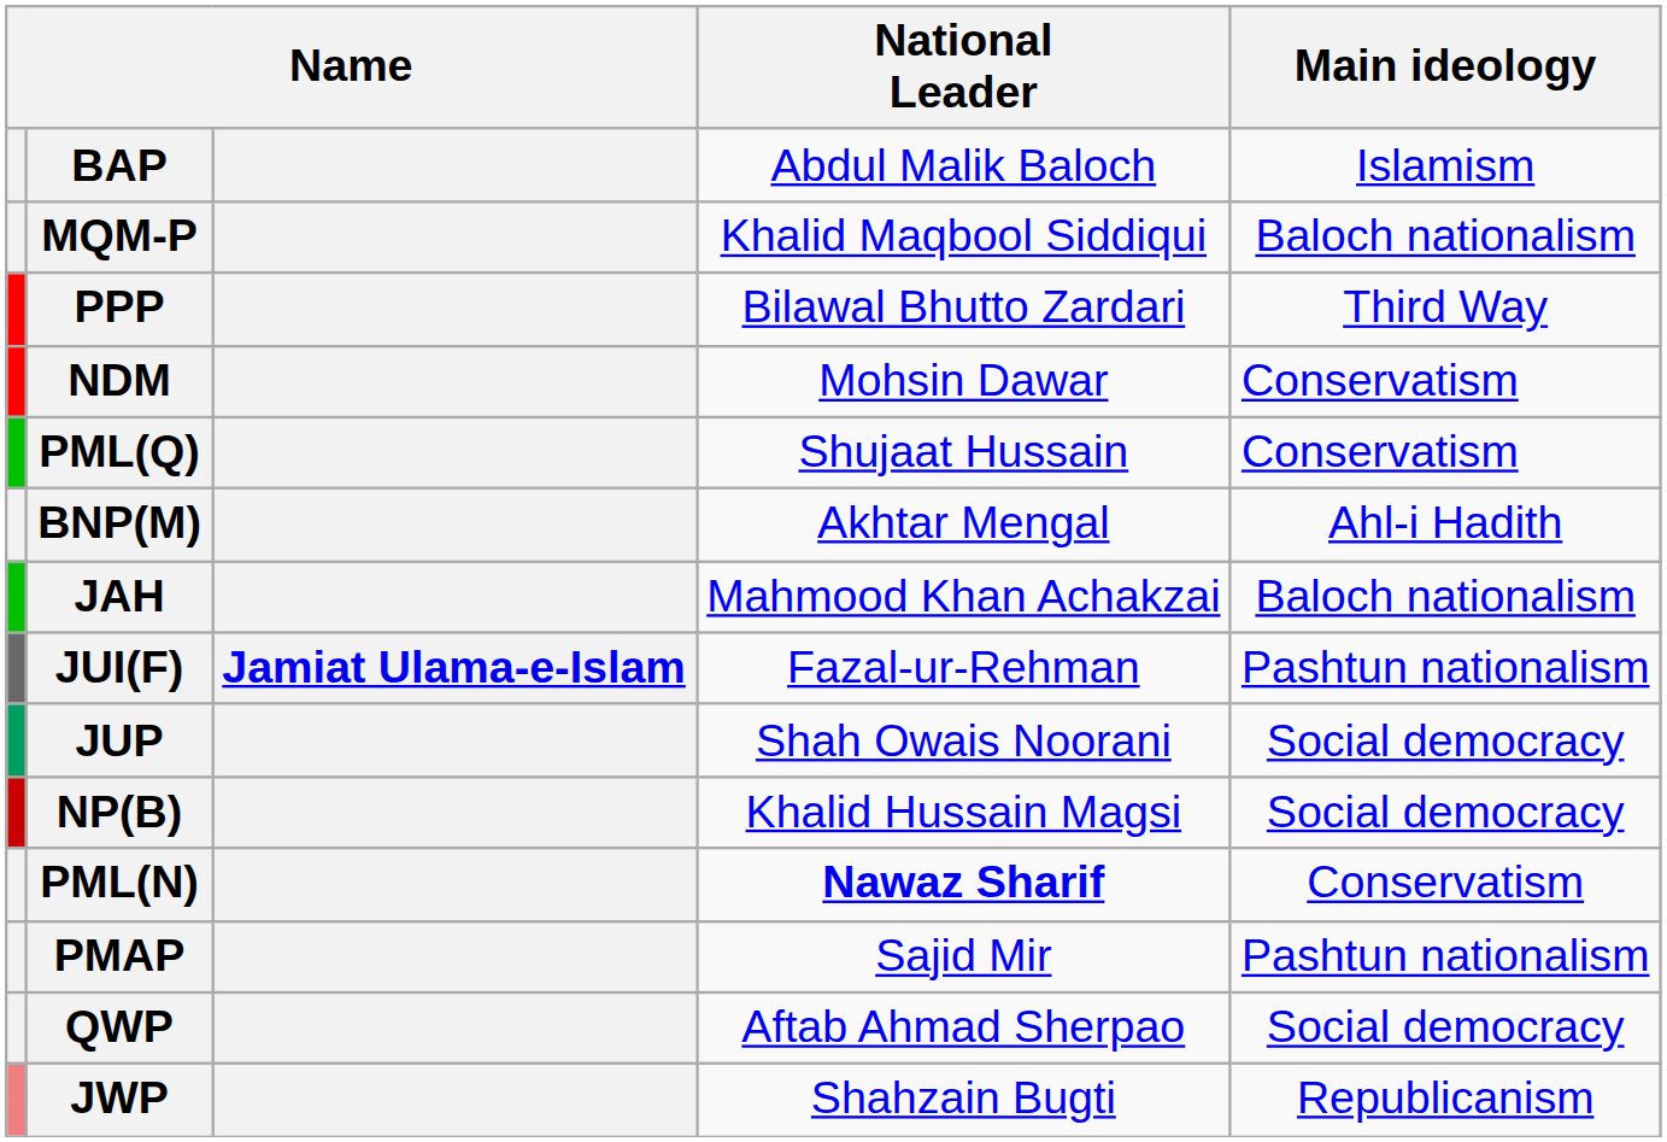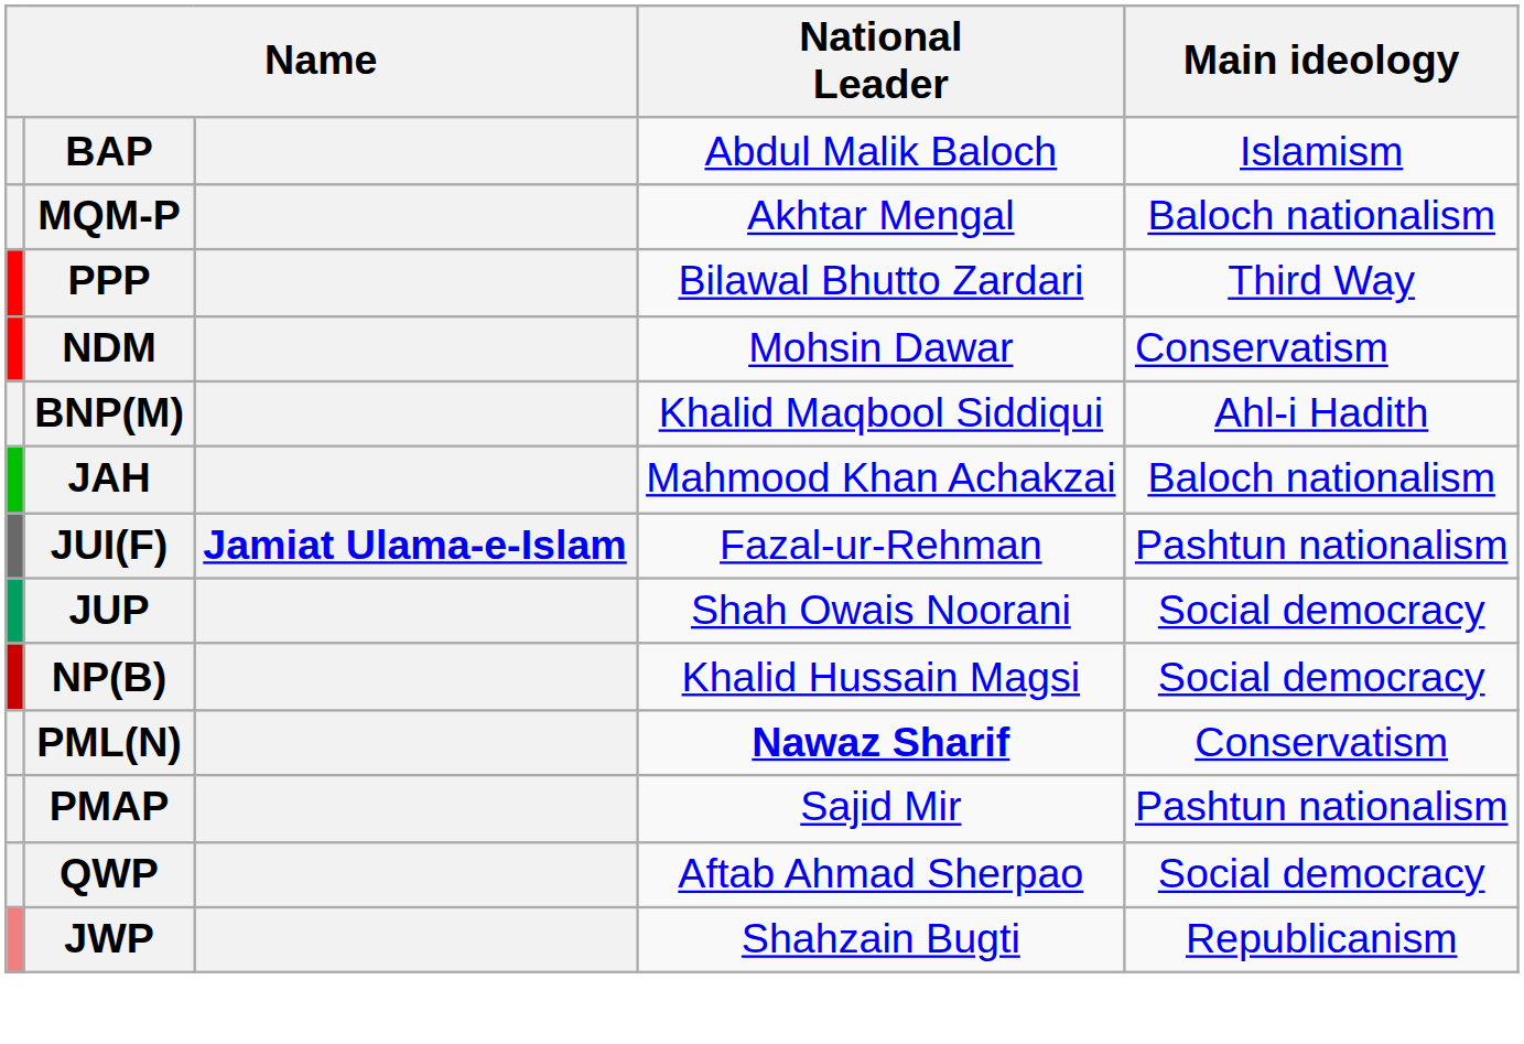 <table class="wikitable sortable">
 <tr>
 <th colspan="3">Name</th>
 <th>National<br>Leader</th>
 <th>Main ideology</th>
 </tr>
 <tr>
 <th style="background:"></th>
 <th style="text-align:center;">BAP</th>
 <th style="text-align:center;"><br></th>
 <td style="text-align:center;"><a href='#'>Abdul Malik Baloch</a></td>
 <td style="text-align:center;"><a href='#'>Islamism</a></td>
 </tr>
 <tr>
 <th style="background:"></th>
 <th style="text-align:center;">MQM-P</th>
 <th style="text-align:center;"><br></th>
-<td style="text-align:center;"><a href='#'>Khalid Maqbool Siddiqui</a></td>
+<td style="text-align:center;"><a href='#'>Akhtar Mengal</a></td>
 <td style="text-align:center;"><a href='#'>Baloch nationalism</a></td>
 </tr>
 <tr>
 <th style="background:red;"></th>
 <th style="text-align:center;">PPP</th>
 <th style="text-align:center;"><br></th>
 <td style="text-align:center;"><a href='#'>Bilawal Bhutto Zardari</a></td>
 <td style="text-align:center;"><a href='#'>Third Way</a></td>
 </tr>
 <tr>
 <th style="background:red;"></th>
 <th style="text-align:center;">NDM</th>
 <th style="text-align:center;"><br></th>
 <td style="text-align:center;"><a href='#'>Mohsin Dawar</a></td>
 <td><a href='#'>Conservatism</a></td>
 </tr>
 <tr>
-<th style="background:#00C000;"></th>
-<th style="text-align:center;">PML(Q)</th>
-<th style="text-align:center;"></th>
-<td style="text-align:center;"><a href='#'>Shujaat Hussain</a></td>
-<td><a href='#'>Conservatism</a></td>
-</tr>
-<tr>
 <th style="background:"></th>
 <th style="text-align:center;">BNP(M)</th>
 <th style="text-align:center;"><br></th>
-<td style="text-align:center;"><a href='#'>Akhtar Mengal</a></td>
+<td style="text-align:center;"><a href='#'>Khalid Maqbool Siddiqui</a></td>
 <td style="text-align:center;"><a href='#'>Ahl-i Hadith</a></td>
 </tr>
 <tr>
 <th style="background:#00C000;"></th>
 <th style="text-align:center;">JAH</th>
 <th style="text-align:center;"><br></th>
 <td style="text-align:center;"><a href='#'>Mahmood Khan Achakzai</a></td>
 <td style="text-align:center;"><a href='#'>Baloch nationalism</a></td>
 </tr>
 <tr>
 <th style="background:#696969;"></th>
 <th style="text-align:center;"><strong>JUI(F)</strong></th>
 <th style="text-align:center;"><a href='#'>Jamiat Ulama-e-Islam</a><br></th>
 <td style="text-align:center;"><a href='#'>Fazal-ur-Rehman</a></td>
 <td style="text-align:center;"><a href='#'>Pashtun nationalism</a></td>
 </tr>
 <tr>
 <th style="background:#009e60;"></th>
 <th style="text-align:center;">JUP</th>
 <th style="text-align:center;"><br></th>
 <td style="text-align:center;"><a href='#'>Shah Owais Noorani</a></td>
 <td style="text-align:center;"><a href='#'>Social democracy</a></td>
 </tr>
 <tr>
 <th style="background:#C80000;"></th>
 <th style="text-align:center;"><strong>NP(B)</strong></th>
 <th style="text-align:center;"><br></th>
 <td style="text-align:center;"><a href='#'>Khalid Hussain Magsi</a></td>
 <td style="text-align:center;"><a href='#'>Social democracy</a></td>
 </tr>
 <tr>
 <th style="background:"></th>
 <th style="text-align:center;"><strong>PML(N)</strong></th>
 <th style="text-align:center;"><br></th>
 <td style="text-align:center;"><strong><a href='#'>Nawaz Sharif</a></strong></td>
 <td style="text-align:center;"><a href='#'>Conservatism</a></td>
 </tr>
 <tr>
 <th style="background:"></th>
 <th style="text-align:center;">PMAP</th>
 <th style="text-align:center;"><br></th>
 <td style="text-align:center;"><a href='#'>Sajid Mir</a></td>
 <td style="text-align:center;"><a href='#'>Pashtun nationalism</a></td>
 </tr>
 <tr>
 <th style="background:"></th>
 <th style="text-align:center;">QWP</th>
 <th style="text-align:center;"><br></th>
 <td style="text-align:center;"><a href='#'>Aftab Ahmad Sherpao</a></td>
 <td style="text-align:center;"><a href='#'>Social democracy</a></td>
 </tr>
 <tr>
 <th style="background:#F08080	;"></th>
 <th style="text-align:center;">JWP</th>
 <th style="text-align:center;"><br></th>
 <td style="text-align:center;"><a href='#'>Shahzain Bugti</a></td>
 <td style="text-align:center;"><a href='#'>Republicanism</a></td>
 </tr>
 </table>
